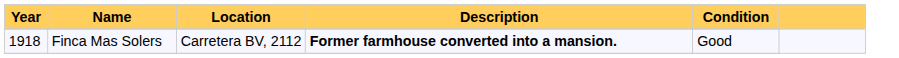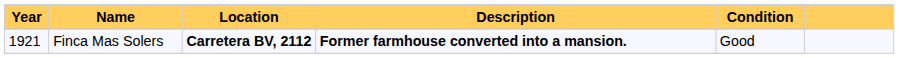 <table bgcolor="#f7f8ff" cellpadding="4" cellspacing="0" border="1" style="font-size: 95%; border: #cccccc solid 1px; border-collapse: collapse;">
 <tr>
 <th width="5%" style="background:#ffce5d;">Year</th>
 <th width="15%" style="background:#ffce5d;">Name</th>
 <th width="15%" style="background:#ffce5d;">Location</th>
 <th width="45%" style="background:#ffce5d;">Description</th>
 <th width="10%" style="background:#ffce5d;">Condition</th>
 <th width="10%" style="background:#ffce5d;"></th>
 </tr>
 <tr ---->
 </tr>
 <tr>
-<td>1918</td>
+<td>1921</td>
 <td>Finca Mas Solers</td>
-<td>Carretera BV, 2112</td>
+<td><strong>Carretera BV, 2112</strong></td>
 <td><strong>Former farmhouse converted into a mansion.</strong></td>
 <td>Good</td>
 </tr>
 <tr>
 </tr>
 </table>
